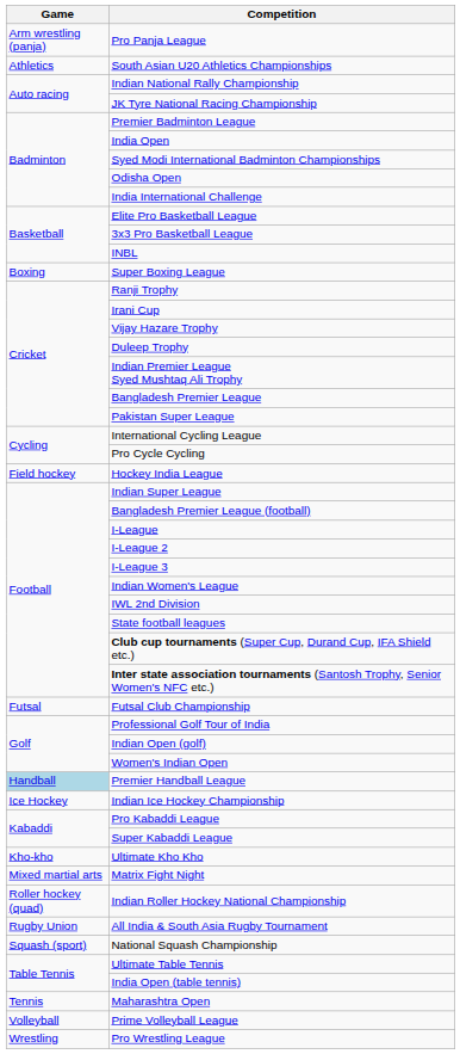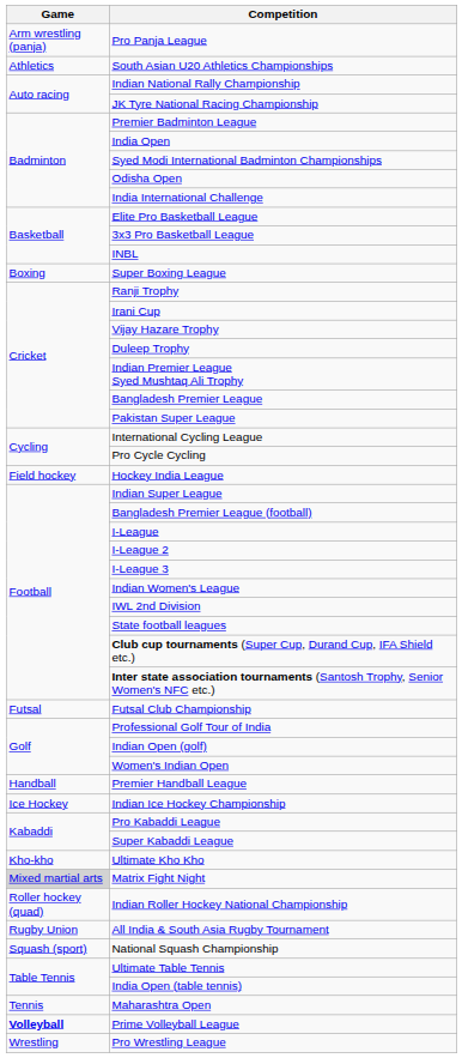 <table class="wikitable sortable" align="center" style="margin:.5em;">
 <tr>
 <th>Game</th>
 <th>Competition</th>
 </tr>
 <tr>
 <td> <a href='#'>Arm wrestling (panja)</a></td>
 <td><a href='#'>Pro Panja League</a></td>
 </tr>
 <tr>
 <td> <a href='#'>Athletics</a></td>
 <td><a href='#'>South Asian U20 Athletics Championships</a></td>
 </tr>
 <tr>
 <td rowspan="2"> <a href='#'>Auto racing</a></td>
 <td><a href='#'>Indian National Rally Championship</a></td>
 </tr>
 <tr>
 <td><a href='#'>JK Tyre National Racing Championship</a></td>
 </tr>
 <tr>
 <td rowspan="5"> <a href='#'>Badminton</a></td>
 <td><a href='#'>Premier Badminton League</a></td>
 </tr>
 <tr>
 <td><a href='#'>India Open</a></td>
 </tr>
 <tr>
 <td><a href='#'>Syed Modi International Badminton Championships</a></td>
 </tr>
 <tr>
 <td><a href='#'>Odisha Open</a></td>
 </tr>
 <tr>
 <td><a href='#'>India International Challenge</a></td>
 </tr>
 <tr>
 <td rowspan="3"> <a href='#'>Basketball</a></td>
 <td><a href='#'>Elite Pro Basketball League</a></td>
 </tr>
 <tr>
 <td><a href='#'>3x3 Pro Basketball League</a></td>
 </tr>
 <tr>
 <td><a href='#'>INBL</a></td>
 </tr>
 <tr>
 <td> <a href='#'>Boxing</a></td>
 <td><a href='#'>Super Boxing League</a></td>
 </tr>
 <tr>
 <td rowspan="7"> <a href='#'>Cricket</a></td>
 <td><a href='#'>Ranji Trophy</a></td>
 </tr>
 <tr>
 <td><a href='#'>Irani Cup</a></td>
 </tr>
 <tr>
 <td><a href='#'>Vijay Hazare Trophy</a></td>
 </tr>
 <tr>
 <td><a href='#'>Duleep Trophy</a></td>
 </tr>
 <tr>
 <td><a href='#'>Indian Premier League</a><br><a href='#'>Syed Mushtaq Ali Trophy</a></td>
 </tr>
 <tr>
 <td><a href='#'>Bangladesh Premier League</a></td>
 </tr>
 <tr>
 <td><a href='#'>Pakistan Super League</a></td>
 </tr>
 <tr>
 <td rowspan="2"> <a href='#'>Cycling</a></td>
 <td>International Cycling League</td>
 </tr>
 <tr>
 <td>Pro Cycle Cycling</td>
 </tr>
 <tr>
 <td> <a href='#'>Field hockey</a></td>
 <td><a href='#'>Hockey India League</a></td>
 </tr>
 <tr>
 <td rowspan="10"> <a href='#'>Football</a></td>
 <td><a href='#'>Indian Super League</a></td>
 </tr>
 <tr>
 <td><a href='#'>Bangladesh Premier League (football)</a></td>
 </tr>
 <tr>
 <td><a href='#'>I-League</a></td>
 </tr>
 <tr>
 <td><a href='#'>I-League 2</a></td>
 </tr>
 <tr>
 <td><a href='#'>I-League 3</a></td>
 </tr>
 <tr>
 <td><a href='#'>Indian Women's League</a></td>
 </tr>
 <tr>
 <td><a href='#'>IWL 2nd Division</a></td>
 </tr>
 <tr>
 <td><a href='#'>State football leagues</a></td>
 </tr>
 <tr>
 <td><strong>Club cup tournaments</strong> (<a href='#'>Super Cup</a>, <a href='#'>Durand Cup</a>, <a href='#'>IFA Shield</a> etc.)</td>
 </tr>
 <tr>
 <td><strong>Inter state association tournaments</strong> (<a href='#'>Santosh Trophy</a>, <a href='#'>Senior Women's NFC</a> etc.)</td>
 </tr>
 <tr>
 <td> <a href='#'>Futsal</a></td>
 <td><a href='#'>Futsal Club Championship</a></td>
 </tr>
 <tr>
 <td rowspan="3"> <a href='#'>Golf</a></td>
 <td><a href='#'>Professional Golf Tour of India</a></td>
 </tr>
 <tr>
 <td><a href='#'>Indian Open (golf)</a></td>
 </tr>
 <tr>
 <td><a href='#'>Women's Indian Open</a></td>
 </tr>
 <tr>
-<td style="background: lightblue;"> <a href='#'>Handball</a></td>
+<td> <a href='#'>Handball</a></td>
 <td><a href='#'>Premier Handball League</a></td>
 </tr>
 <tr>
 <td> <a href='#'>Ice Hockey</a></td>
 <td><a href='#'>Indian Ice Hockey Championship</a></td>
 </tr>
 <tr>
 <td rowspan="2"> <a href='#'>Kabaddi</a></td>
 <td><a href='#'>Pro Kabaddi League</a></td>
 </tr>
 <tr>
 <td><a href='#'>Super Kabaddi League</a></td>
 </tr>
 <tr>
 <td> <a href='#'>Kho-kho</a></td>
 <td><a href='#'>Ultimate Kho Kho</a></td>
 </tr>
 <tr>
-<td> <a href='#'>Mixed martial arts</a></td>
+<td style="background: lightgrey;"> <a href='#'>Mixed martial arts</a></td>
 <td><a href='#'>Matrix Fight Night</a></td>
 </tr>
 <tr>
 <td> <a href='#'>Roller hockey (quad)</a></td>
 <td><a href='#'>Indian Roller Hockey National Championship</a></td>
 </tr>
 <tr>
 <td> <a href='#'>Rugby Union</a></td>
 <td><a href='#'>All India & South Asia Rugby Tournament</a></td>
 </tr>
 <tr>
 <td> <a href='#'>Squash (sport)</a></td>
 <td>National Squash Championship</td>
 </tr>
 <tr>
 <td rowspan="2"> <a href='#'>Table Tennis</a></td>
 <td><a href='#'>Ultimate Table Tennis</a></td>
 </tr>
 <tr>
 <td><a href='#'>India Open (table tennis)</a></td>
 </tr>
 <tr>
 <td> <a href='#'>Tennis</a></td>
 <td><a href='#'>Maharashtra Open</a></td>
 </tr>
 <tr>
-<td> <a href='#'>Volleyball</a></td>
+<td><strong> <a href='#'>Volleyball</a></strong></td>
 <td><a href='#'>Prime Volleyball League</a></td>
 </tr>
 <tr>
 <td> <a href='#'>Wrestling</a></td>
 <td><a href='#'>Pro Wrestling League</a></td>
 </tr>
 </table>
